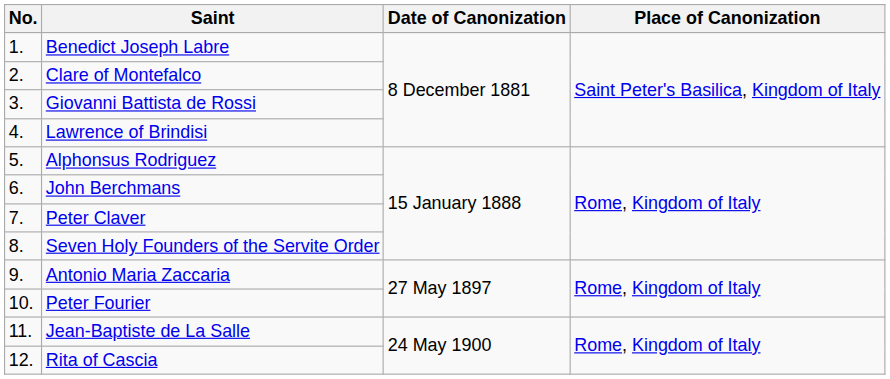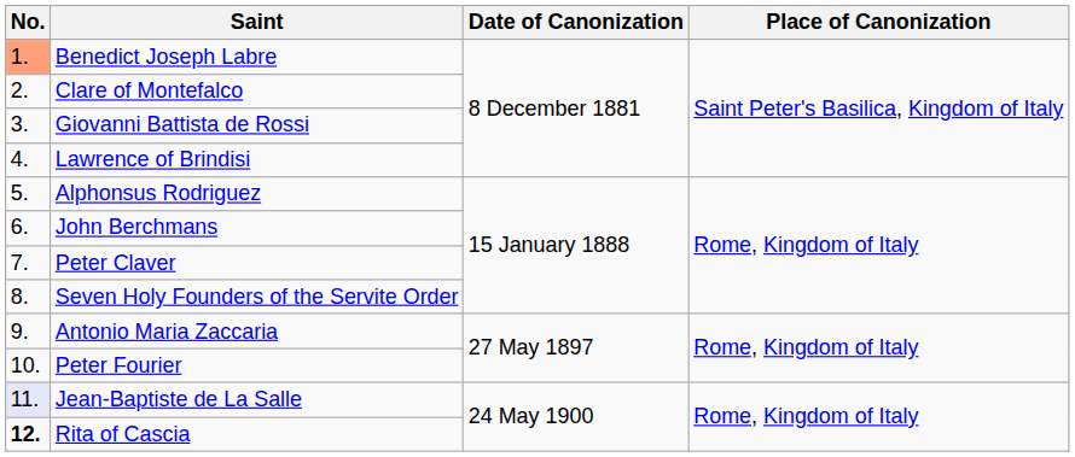 <table class="wikitable">
 <tr>
 <th>No.</th>
 <th>Saint</th>
 <th>Date of Canonization</th>
 <th>Place of Canonization</th>
 </tr>
 <tr>
-<td>1.</td>
+<td style="background: lightsalmon;">1.</td>
 <td><a href='#'>Benedict Joseph Labre</a></td>
 <td rowspan="4">8 December 1881</td>
 <td rowspan="4"><a href='#'>Saint Peter's Basilica</a>, <a href='#'>Kingdom of Italy</a></td>
 </tr>
 <tr>
 <td>2.</td>
 <td><a href='#'>Clare of Montefalco</a></td>
 </tr>
 <tr>
 <td>3.</td>
 <td><a href='#'>Giovanni Battista de Rossi</a></td>
 </tr>
 <tr>
 <td>4.</td>
 <td><a href='#'>Lawrence of Brindisi</a></td>
 </tr>
 <tr>
 <td>5.</td>
 <td><a href='#'>Alphonsus Rodriguez</a></td>
 <td rowspan="4">15 January 1888</td>
 <td rowspan="4"><a href='#'>Rome</a>, <a href='#'>Kingdom of Italy</a></td>
 </tr>
 <tr>
 <td>6.</td>
 <td><a href='#'>John Berchmans</a></td>
 </tr>
 <tr>
 <td>7.</td>
 <td><a href='#'>Peter Claver</a></td>
 </tr>
 <tr>
 <td>8.</td>
 <td><a href='#'>Seven Holy Founders of the Servite Order</a></td>
 </tr>
 <tr>
 <td>9.</td>
 <td><a href='#'>Antonio Maria Zaccaria</a></td>
 <td rowspan="2">27 May 1897</td>
 <td rowspan="2"><a href='#'>Rome</a>, <a href='#'>Kingdom of Italy</a></td>
 </tr>
 <tr>
 <td>10.</td>
 <td><a href='#'>Peter Fourier</a></td>
 </tr>
 <tr>
-<td>11.</td>
+<td style="background: lavender;">11.</td>
 <td><a href='#'>Jean-Baptiste de La Salle</a></td>
 <td rowspan="2">24 May 1900</td>
 <td rowspan="2"><a href='#'>Rome</a>, <a href='#'>Kingdom of Italy</a></td>
 </tr>
 <tr>
-<td>12.</td>
+<td><strong>12.</strong></td>
 <td><a href='#'>Rita of Cascia</a></td>
 </tr>
 </table>
